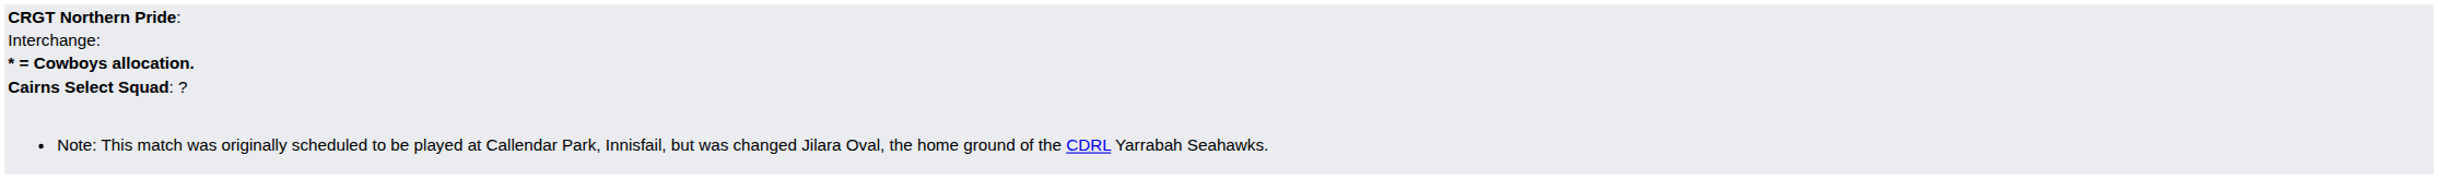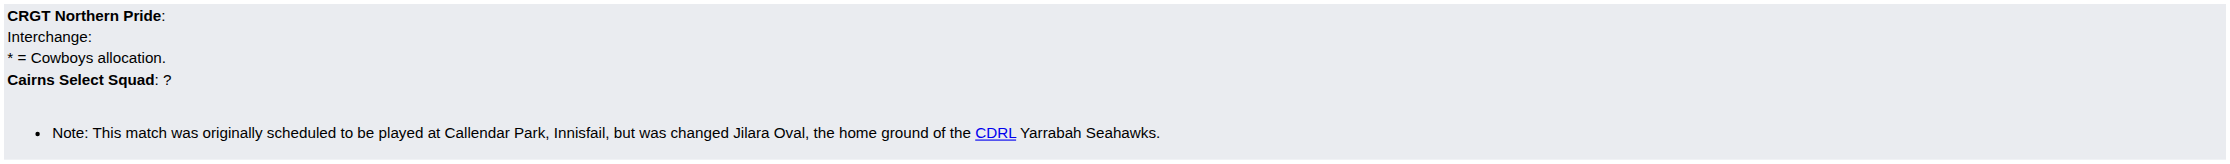 <table style="background:#eaecf0; font-size:85%; width:100%;">
 <tr>
 <td><strong>CRGT Northern Pride</strong>:             </td>
 </tr>
 <tr>
 <td>Interchange:     </td>
 </tr>
 <tr>
-<td><strong>* = Cowboys allocation.</strong></td>
+<td>* = Cowboys allocation.</td>
 </tr>
 <tr>
 <td><strong>Cairns Select Squad</strong>: ?</td>
 </tr>
 <tr>
 <td><br><ul><li>Note: This match was originally scheduled to be played at Callendar Park, Innisfail, but was changed Jilara Oval, the home ground of the <a href='#'>CDRL</a> Yarrabah Seahawks.</li></ul></td>
 </tr>
 </table>
